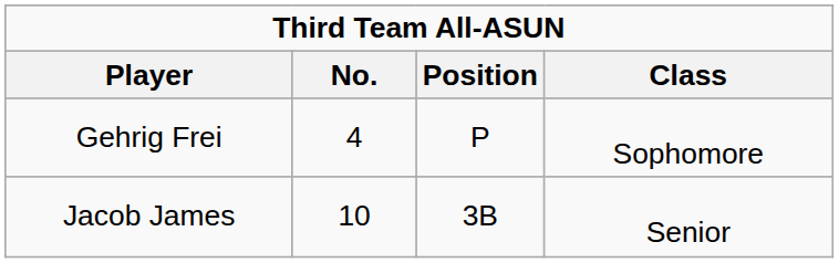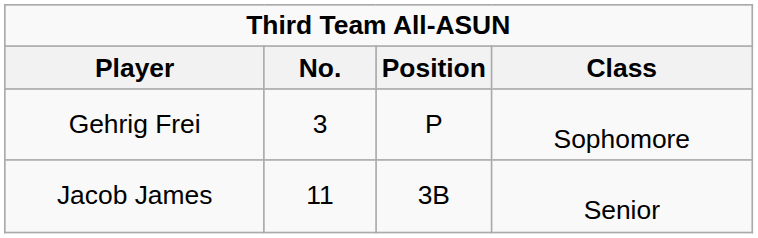 <table class="wikitable" style="text-align:center">
 <tr>
 <td colspan="5"><strong>Third Team All-ASUN</strong></td>
 </tr>
 <tr>
 <th style="width:150px; ">Player</th>
 <th style="width:60px; ">No.</th>
 <th style="width:60px; ">Position</th>
 <th style="width:150px; ">Class</th>
 </tr>
 <tr>
 <td>Gehrig Frei</td>
-<td>4</td>
+<td>3</td>
 <td>P</td>
 <td><br> Sophomore</td>
 </tr>
 <tr>
 <td>Jacob James</td>
-<td>10</td>
+<td>11</td>
 <td>3B</td>
 <td><br>Senior</td>
 </tr>
 </table>
